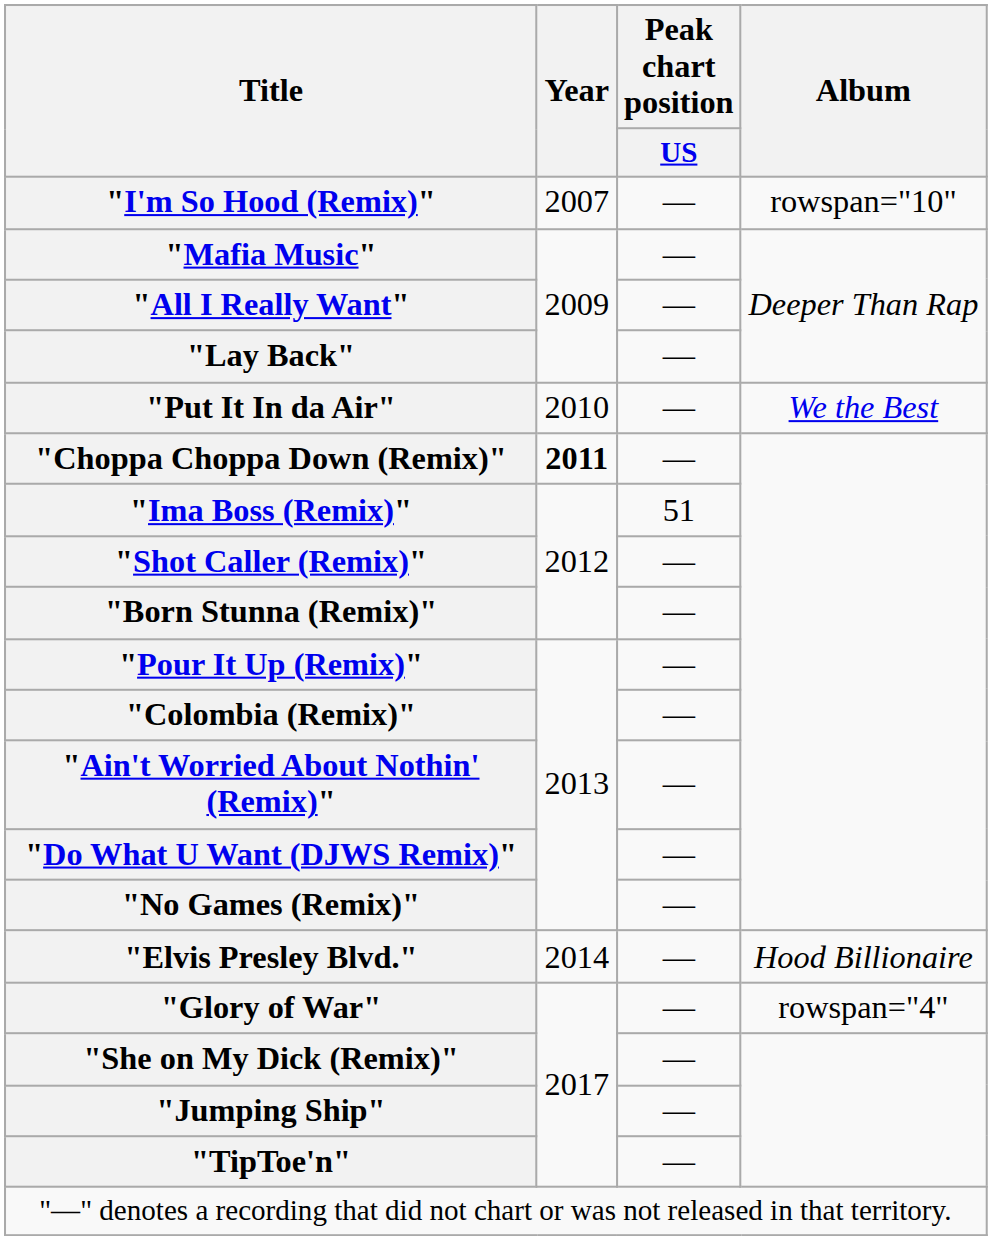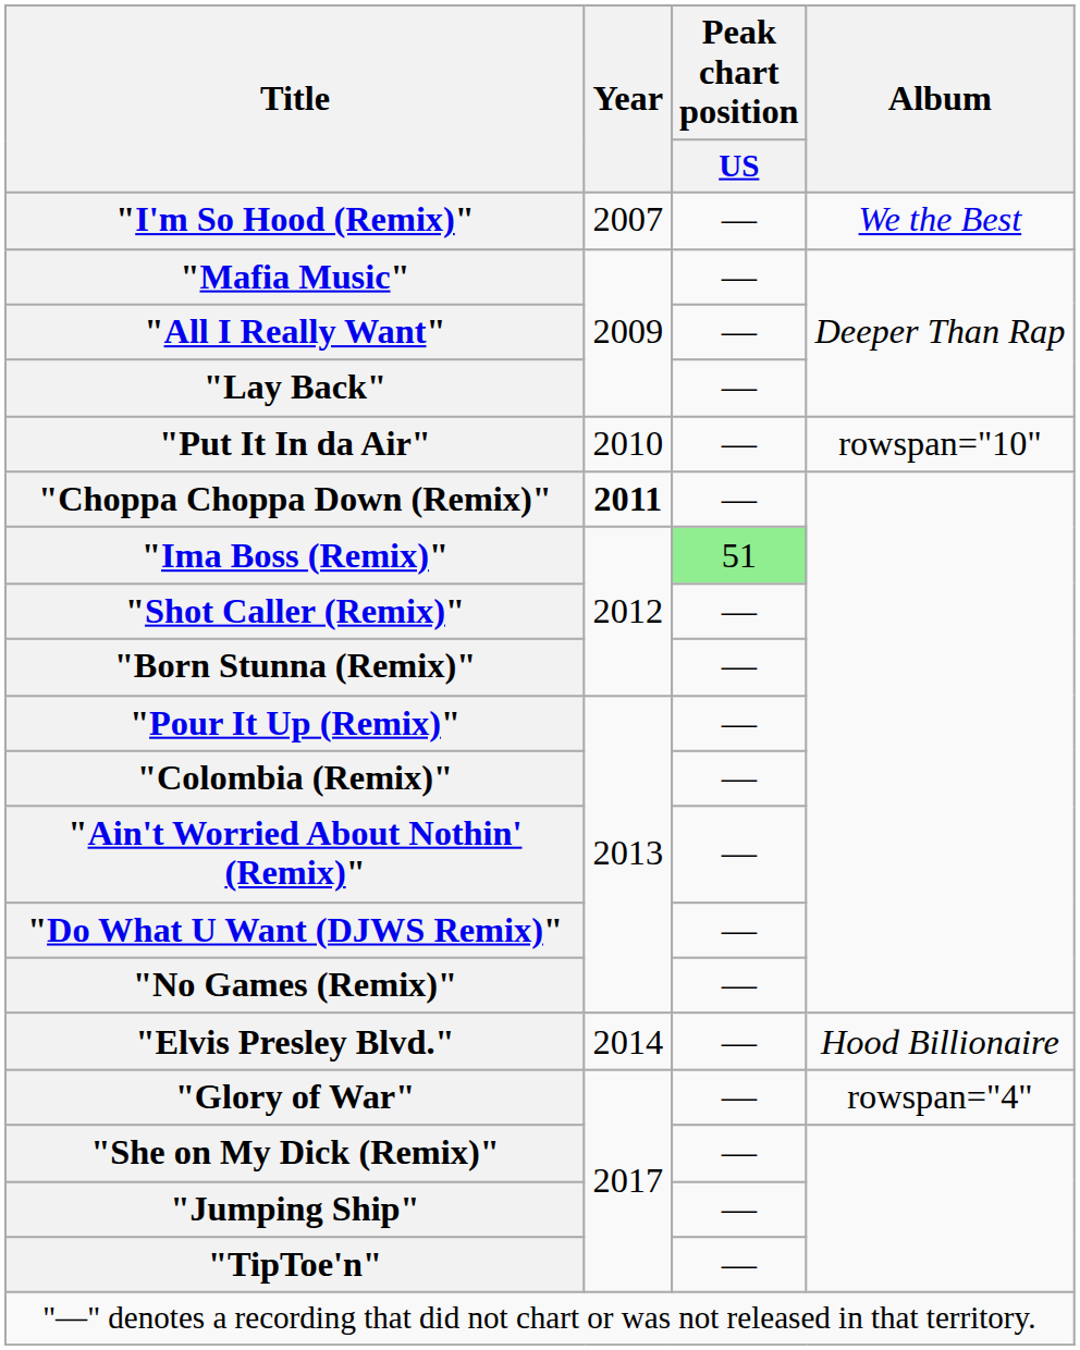 <table class="wikitable plainrowheaders" style="text-align:center;">
 <tr>
 <th scope="col" rowspan="2" style="width:16em;">Title</th>
 <th scope="col" rowspan="2">Year</th>
 <th scope="col" colspan="1">Peak chart position</th>
 <th scope="col" rowspan="2">Album</th>
 </tr>
 <tr>
 <th scope="col" style="width:3em;font-size:90%;"><a href='#'>US</a><br></th>
 </tr>
 <tr>
 <th scope="row">"<a href='#'>I'm So Hood (Remix)</a>"<br></th>
 <td>2007</td>
 <td>—</td>
-<td>rowspan="10" </td>
+<td><em><a href='#'>We the Best</a></em></td>
 </tr>
 <tr>
 <th scope="row">"<a href='#'>Mafia Music</a>"</th>
 <td rowspan="3">2009</td>
 <td>—</td>
 <td rowspan="3"><em>Deeper Than Rap</em></td>
 </tr>
 <tr>
 <th scope="row">"<a href='#'>All I Really Want</a>"<br></th>
 <td>—</td>
 </tr>
 <tr>
 <th scope="row">"Lay Back"<br></th>
 <td>—</td>
 </tr>
 <tr>
 <th scope="row">"Put It In da Air"<br></th>
 <td>2010</td>
 <td>—</td>
-<td><em><a href='#'>We the Best</a></em></td>
+<td>rowspan="10" </td>
 </tr>
 <tr>
 <th scope="row">"Choppa Choppa Down (Remix)"<br></th>
 <td><strong>2011</strong></td>
 <td>—</td>
 </tr>
 <tr>
 <th scope="row">"<a href='#'>Ima Boss (Remix)</a>"<br></th>
 <td rowspan="3">2012</td>
-<td>51</td>
+<td style="background: lightgreen;">51</td>
 </tr>
 <tr>
 <th scope="row">"<a href='#'>Shot Caller (Remix)</a>"<br></th>
 <td>—</td>
 </tr>
 <tr>
 <th scope="row">"Born Stunna (Remix)"<br></th>
 <td>—</td>
 </tr>
 <tr>
 <th scope="row">"<a href='#'>Pour It Up (Remix)</a>"<br></th>
 <td rowspan="5">2013</td>
 <td>—</td>
 </tr>
 <tr>
 <th scope="row">"Colombia (Remix)"<br></th>
 <td>—</td>
 </tr>
 <tr>
 <th scope="row">"<a href='#'>Ain't Worried About Nothin' (Remix)</a>"<br></th>
 <td>—</td>
 </tr>
 <tr>
 <th scope="row">"<a href='#'>Do What U Want (DJWS Remix)</a>"<br></th>
 <td>—</td>
 </tr>
 <tr>
 <th scope="row">"No Games (Remix)"<br></th>
 <td>—</td>
 </tr>
 <tr>
 <th scope="row">"Elvis Presley Blvd."<br></th>
 <td>2014</td>
 <td>—</td>
 <td><em>Hood Billionaire</em></td>
 </tr>
 <tr>
 <th scope="row">"Glory of War"<br></th>
 <td rowspan="4">2017</td>
 <td>—</td>
 <td>rowspan="4" </td>
 </tr>
 <tr>
 <th scope="row">"She on My Dick (Remix)"<br></th>
 <td>—</td>
 </tr>
 <tr>
 <th scope="row">"Jumping Ship"</th>
 <td>—</td>
 </tr>
 <tr>
 <th scope="row">"TipToe'n"</th>
 <td>—</td>
 </tr>
 <tr>
 <td colspan="14" style="font-size:90%">"—" denotes a recording that did not chart or was not released in that territory.</td>
 </tr>
 </table>
